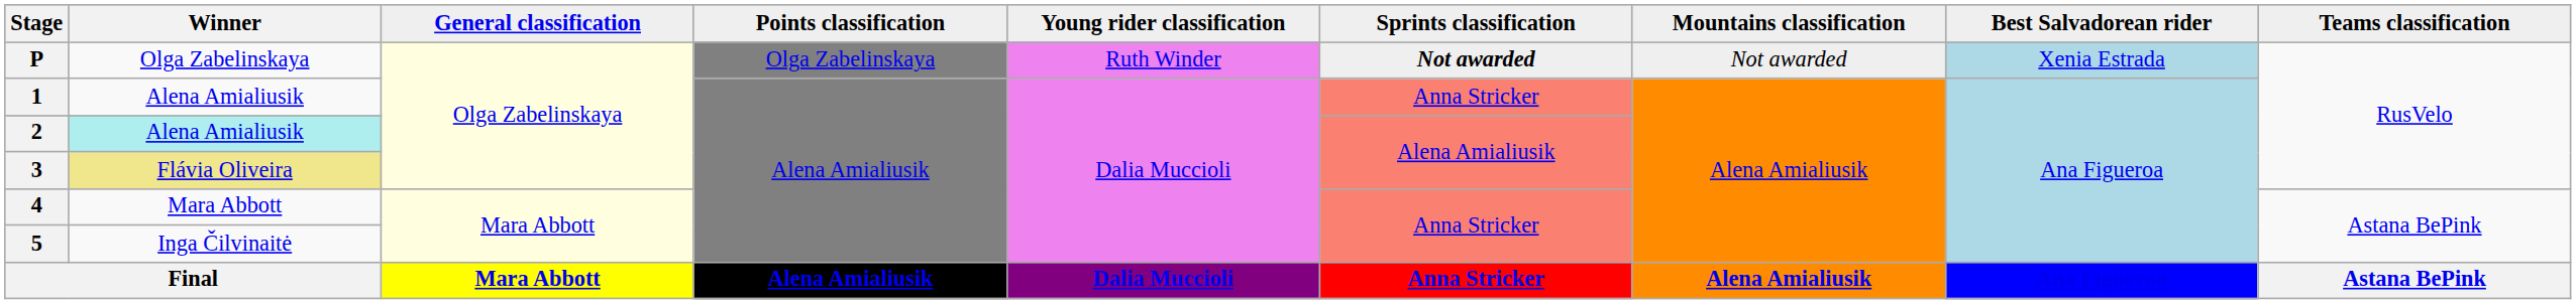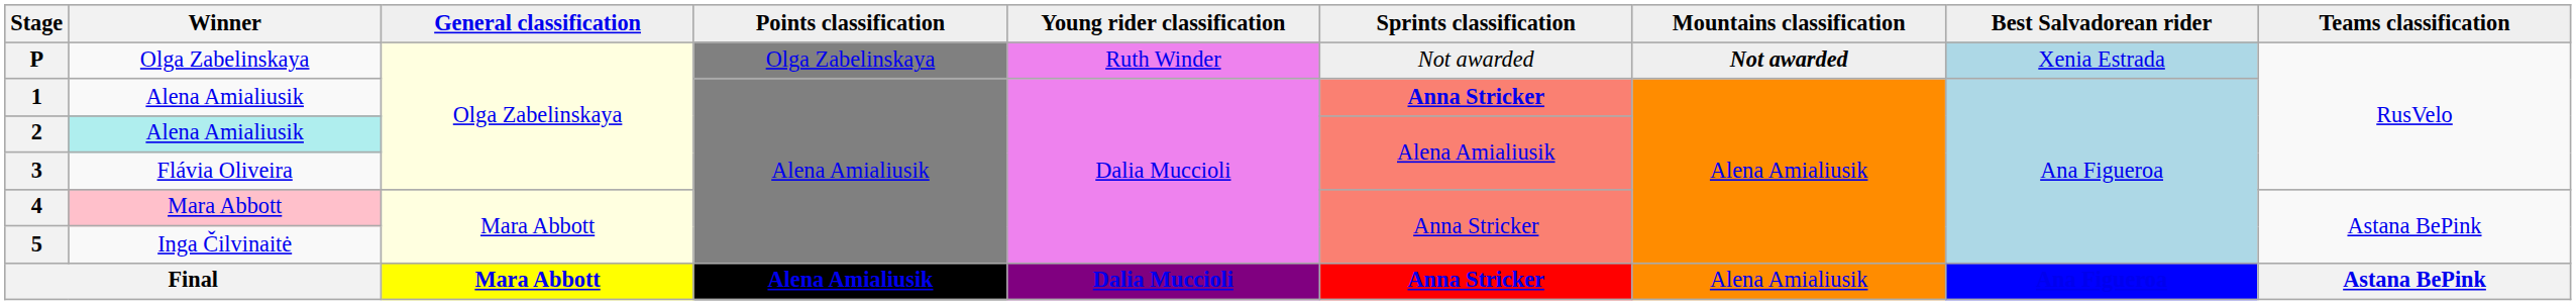 <table class="wikitable" style="text-align: center; font-size:86%;">
 <tr style="background-color: #efefef;">
 <th width="1%">Stage</th>
 <th width="12%">Winner</th>
 <th style="background:#EFEFEF;" width="12%"><a href='#'>General classification</a><br></th>
 <th style="background:#EFEFEF;" width="12%">Points classification<br></th>
 <th style="background:#EFEFEF;" width="12%">Young rider classification<br></th>
 <th style="background:#EFEFEF;" width="12%">Sprints classification<br></th>
 <th style="background:#EFEFEF;" width="12%">Mountains classification<br></th>
 <th style="background:#EFEFEF;" width="12%">Best Salvadorean rider<br></th>
 <th style="background:#EFEFEF;" width="12%">Teams classification</th>
 </tr>
 <tr>
 <th>P</th>
 <td><a href='#'>Olga Zabelinskaya</a></td>
 <td style="background:lightyellow;" rowspan=4><a href='#'>Olga Zabelinskaya</a></td>
 <td style="background:grey;"><a href='#'>Olga Zabelinskaya</a></td>
 <td style="background:violet;"><a href='#'>Ruth Winder</a></td>
+<td style="background-color:#EFEFEF;"><em>Not awarded</em></td>
 <td style="background-color:#EFEFEF;"><strong><em>Not awarded</em></strong></td>
-<td style="background-color:#EFEFEF;"><em>Not awarded</em></td>
 <td style="background:lightblue;"><a href='#'>Xenia Estrada</a></td>
 <td rowspan=4><a href='#'>RusVelo</a></td>
 </tr>
 <tr>
 <th>1</th>
 <td><a href='#'>Alena Amialiusik</a></td>
 <td style="background:grey;" rowspan=5><a href='#'>Alena Amialiusik</a></td>
 <td style="background:violet;" rowspan=5><a href='#'>Dalia Muccioli</a></td>
-<td style="background:salmon;"><a href='#'>Anna Stricker</a></td>
+<td style="background:salmon;"><strong><a href='#'>Anna Stricker</a></strong></td>
 <td style="background:#FF8C00;" rowspan=5><a href='#'>Alena Amialiusik</a></td>
 <td style="background:lightblue;" rowspan=5><a href='#'>Ana Figueroa</a></td>
 </tr>
 <tr>
 <th>2</th>
 <td style="background: paleturquoise;"><a href='#'>Alena Amialiusik</a></td>
 <td style="background:salmon;" rowspan=2><a href='#'>Alena Amialiusik</a></td>
 </tr>
 <tr>
 <th>3</th>
-<td style="background: khaki;"><a href='#'>Flávia Oliveira</a></td>
+<td><a href='#'>Flávia Oliveira</a></td>
 </tr>
 <tr>
 <th>4</th>
-<td><a href='#'>Mara Abbott</a></td>
+<td style="background: pink;"><a href='#'>Mara Abbott</a></td>
 <td style="background:lightyellow;" rowspan=2><a href='#'>Mara Abbott</a></td>
 <td style="background:salmon;" rowspan=2><a href='#'>Anna Stricker</a></td>
 <td rowspan=2><a href='#'>Astana BePink</a></td>
 </tr>
 <tr>
 <th>5</th>
 <td><a href='#'>Inga Čilvinaitė</a></td>
 </tr>
 <tr>
 <th colspan=2><strong>Final</strong></th>
 <th style="background:yellow;"><a href='#'>Mara Abbott</a></th>
 <th style="background:black;"><a href='#'>Alena Amialiusik</a></th>
 <th style="background:purple;"><a href='#'>Dalia Muccioli</a></th>
 <th style="background:red;"><a href='#'>Anna Stricker</a></th>
-<td style="background:#FF8C00;"><strong><a href='#'>Alena Amialiusik</a></strong></td>
+<td style="background:#FF8C00;"><a href='#'>Alena Amialiusik</a></td>
 <th style="background:blue;"><a href='#'>Ana Figueroa</a></th>
 <th><a href='#'>Astana BePink</a></th>
 </tr>
 </table>
